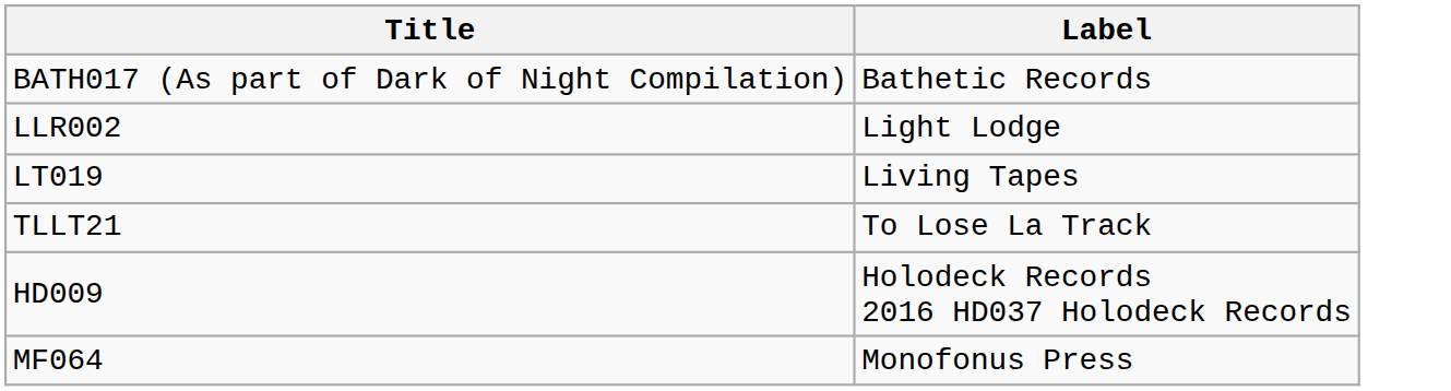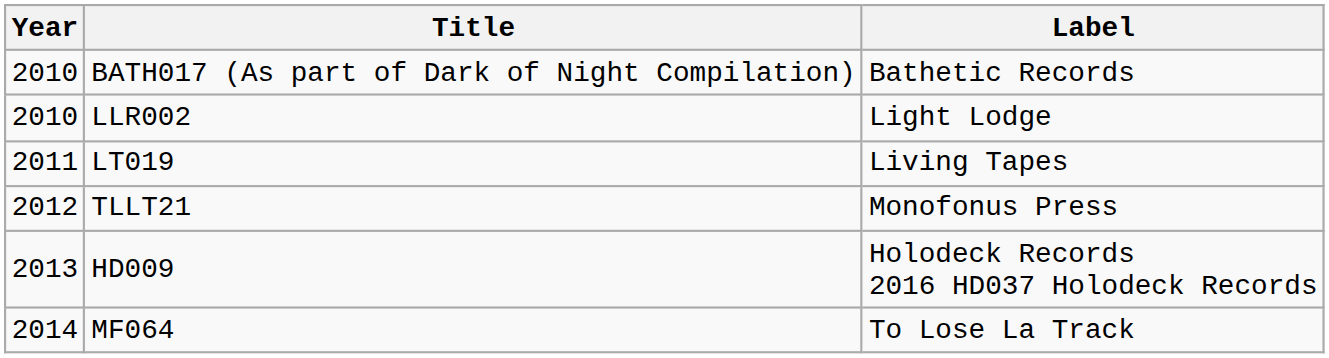 <table class="wikitable">
 <tr>
+<th>Year</th>
 <th>Title</th>
 <th>Label</th>
 </tr>
 <tr>
+<td>2010</td>
 <td>BATH017 (As part of Dark of Night Compilation)</td>
 <td>Bathetic Records</td>
 </tr>
 <tr>
+<td>2010</td>
 <td>LLR002</td>
 <td>Light Lodge</td>
 </tr>
 <tr>
+<td>2011</td>
 <td>LT019</td>
 <td>Living Tapes</td>
 </tr>
 <tr>
+<td>2012</td>
 <td>TLLT21</td>
-<td>To Lose La Track</td>
+<td>Monofonus Press</td>
 </tr>
 <tr>
+<td>2013</td>
 <td>HD009</td>
 <td>Holodeck Records<br>2016 HD037 Holodeck Records</td>
 </tr>
 <tr>
+<td>2014</td>
 <td>MF064</td>
-<td>Monofonus Press</td>
+<td>To Lose La Track</td>
 </tr>
 </table>
